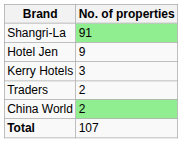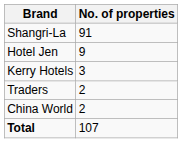 <table class="wikitable">
 <tr>
 <th>Brand</th>
 <th>No. of properties</th>
 </tr>
 <tr>
 <td>Shangri-La</td>
-<td style="background: lightgreen;">91</td>
+<td>91</td>
 </tr>
 <tr>
 <td>Hotel Jen</td>
 <td>9</td>
 </tr>
 <tr>
 <td>Kerry Hotels</td>
 <td>3</td>
 </tr>
 <tr>
 <td>Traders</td>
 <td>2</td>
 </tr>
 <tr>
 <td>China World</td>
-<td style="background: lightgreen;">2</td>
+<td>2</td>
 </tr>
 <tr>
 <td><strong>Total</strong></td>
 <td>107</td>
 </tr>
 </table>
